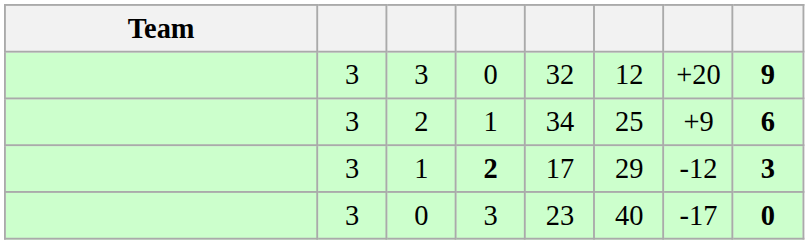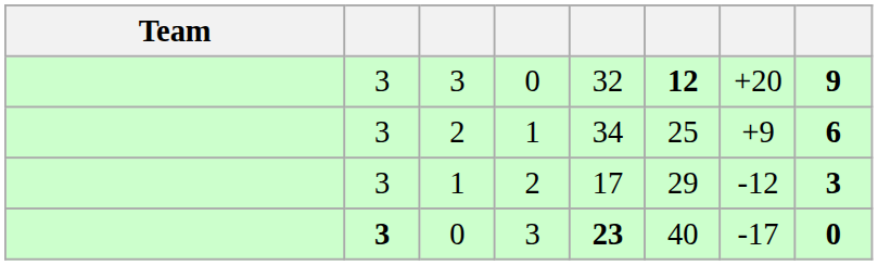 <table class="wikitable" style="text-align:center;font-size:95%">
 <tr>
 <th width=160>Team</th>
 <th width=30></th>
 <th width=30></th>
 <th width=30></th>
 <th width=30></th>
 <th width=30></th>
 <th width=30></th>
 <th width=30></th>
 </tr>
 <tr bgcolor=ccffcc>
 <td align="left"></td>
 <td>3</td>
 <td>3</td>
 <td>0</td>
 <td>32</td>
-<td>12</td>
+<td><strong>12</strong></td>
 <td>+20</td>
 <td><strong>9</strong></td>
 </tr>
 <tr bgcolor=ccffcc>
 <td align="left"></td>
 <td>3</td>
 <td>2</td>
 <td>1</td>
 <td>34</td>
 <td>25</td>
 <td>+9</td>
 <td><strong>6</strong></td>
 </tr>
 <tr bgcolor=ccffcc>
 <td align="left"></td>
 <td>3</td>
 <td>1</td>
-<td><strong>2</strong></td>
+<td>2</td>
 <td>17</td>
 <td>29</td>
 <td>-12</td>
 <td><strong>3</strong></td>
 </tr>
 <tr bgcolor=ccffcc>
 <td align="left"></td>
-<td>3</td>
+<td><strong>3</strong></td>
 <td>0</td>
 <td>3</td>
-<td>23</td>
+<td><strong>23</strong></td>
 <td>40</td>
 <td>-17</td>
 <td><strong>0</strong></td>
 </tr>
 </table>
